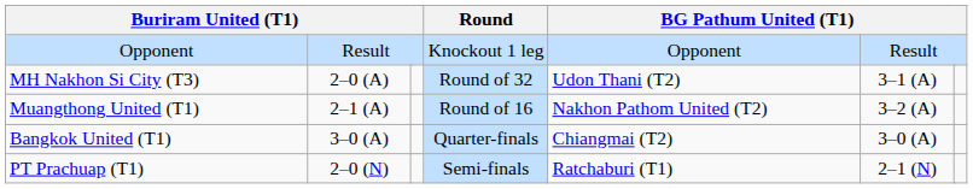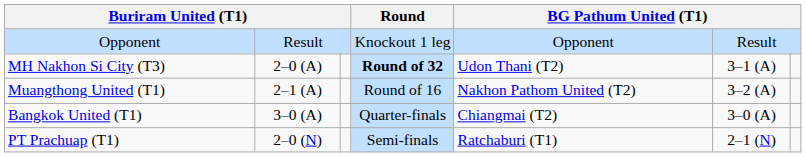 <table class="wikitable" style="text-align:center">
 <tr>
 <th colspan=4 width="350"><a href='#'>Buriram United</a> (T1)</th>
 <th>Round</th>
 <th colspan=4 width="350"><a href='#'>BG Pathum United</a> (T1)</th>
 </tr>
 <tr style="background:#C1E0FF">
 <td>Opponent</td>
 <td colspan=3>Result</td>
 <td>Knockout 1 leg</td>
 <td>Opponent</td>
 <td colspan=3>Result</td>
 </tr>
 <tr>
 <td align=left><a href='#'>MH Nakhon Si City</a> (T3)</td>
 <td colspan=2>2–0 (A)</td>
 <td><small></small></td>
-<td style="background:#C1E0FF">Round of 32</td>
+<td style="background:#C1E0FF"><strong>Round of 32</strong></td>
 <td align=left><a href='#'>Udon Thani</a> (T2)</td>
 <td colspan=2>3–1 (A)</td>
 <td><small></small></td>
 </tr>
 <tr>
 <td align=left><a href='#'>Muangthong United</a> (T1)</td>
 <td colspan=2>2–1 (A)</td>
 <td><small></small></td>
 <td style="background:#C1E0FF">Round of 16</td>
 <td align=left><a href='#'>Nakhon Pathom United</a> (T2)</td>
 <td colspan=2>3–2 (A)</td>
 <td><small></small></td>
 </tr>
 <tr>
 <td align=left><a href='#'>Bangkok United</a> (T1)</td>
 <td colspan=2>3–0 (A)</td>
 <td><small></small></td>
 <td style="background:#C1E0FF">Quarter-finals</td>
 <td align=left><a href='#'>Chiangmai</a> (T2)</td>
 <td colspan=2>3–0 (A)</td>
 <td><small></small></td>
 </tr>
 <tr>
 <td align=left><a href='#'>PT Prachuap</a> (T1)</td>
 <td colspan=2>2–0 (<a href='#'>N</a>)</td>
 <td><small></small></td>
 <td style="background:#C1E0FF">Semi-finals</td>
 <td align=left><a href='#'>Ratchaburi</a> (T1)</td>
 <td colspan=2>2–1 (<a href='#'>N</a>)</td>
 <td><small></small></td>
 </tr>
 </table>
